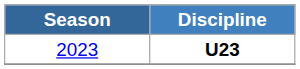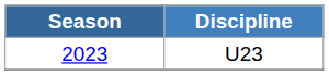 <table class="wikitable" style="font-size:95%; text-align:center; border:grey solid 1px; border-collapse:collapse; background:#ffffff;">
 <tr style="background-color:#369; color:white;">
 <td rowspan="2" colspan="1" style="width:110px"><strong>Season</strong></td>
 </tr>
 <tr style="background-color:#4180be; color:white;">
 <td style="width:110px"><strong>Discipline</strong></td>
 </tr>
 <tr>
 <td align=center><a href='#'>2023</a></td>
-<td align=center><strong>U23</strong></td>
+<td align=center>U23</td>
 </tr>
 <tr>
 </tr>
 </table>
